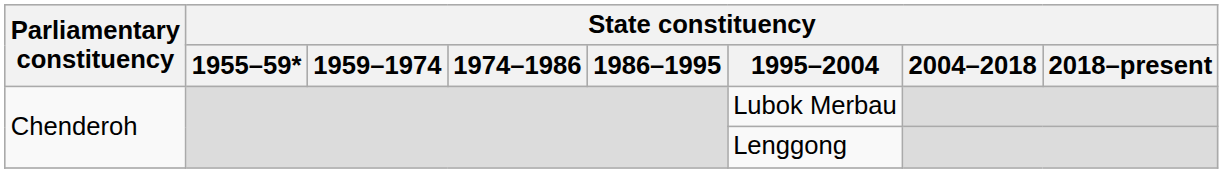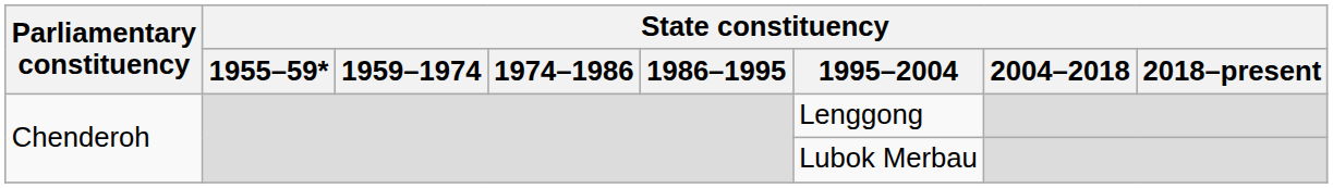 <table class="wikitable">
 <tr>
 <th rowspan="2">Parliamentary<br>constituency</th>
 <th colspan="7">State constituency</th>
 </tr>
 <tr>
 <th>1955–59*</th>
 <th>1959–1974</th>
 <th>1974–1986</th>
 <th>1986–1995</th>
 <th>1995–2004</th>
 <th>2004–2018</th>
 <th>2018–present</th>
 </tr>
 <tr>
 <td rowspan="2">Chenderoh</td>
 <td colspan="4" rowspan="2" bgcolor="dcdcdc"></td>
+<td>Lenggong</td>
+<td colspan="2" bgcolor="dcdcdc"></td>
+</tr>
+<tr>
 <td>Lubok Merbau</td>
 <td colspan="2" bgcolor="dcdcdc"></td>
 </tr>
-<tr>
-<td>Lenggong</td>
-<td colspan="2" bgcolor="dcdcdc"></td>
-</tr>
 </table>
